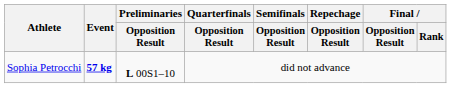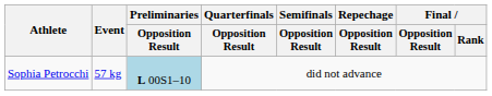 <table class="wikitable" style="font-size:90%">
 <tr>
 <th rowspan=2>Athlete</th>
 <th rowspan=2>Event</th>
 <th>Preliminaries</th>
 <th>Quarterfinals</th>
 <th>Semifinals</th>
 <th>Repechage</th>
 <th colspan=2>Final / </th>
 </tr>
 <tr style="font-size:95%">
 <th>Opposition<br>Result</th>
 <th>Opposition<br>Result</th>
 <th>Opposition<br>Result</th>
 <th>Opposition<br>Result</th>
 <th>Opposition<br>Result</th>
 <th>Rank</th>
 </tr>
 <tr align=center>
 <td align=left><a href='#'>Sophia Petrocchi</a></td>
-<td align=left><strong><a href='#'>57 kg</a></strong></td>
-<td><br><strong>L</strong> 00S1–10</td>
+<td align=left><a href='#'>57 kg</a></td>
+<td style="background: lightblue;"><br><strong>L</strong> 00S1–10</td>
 <td colspan=5>did not advance</td>
 </tr>
 </table>
